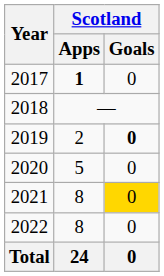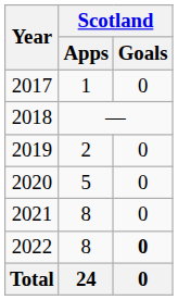 <table class="wikitable" style="text-align:center">
 <tr>
 <th rowspan=2>Year</th>
 <th colspan=2><a href='#'>Scotland</a></th>
 </tr>
 <tr>
 <th>Apps</th>
 <th>Goals</th>
 </tr>
 <tr>
 <td>2017</td>
-<td><strong>1</strong></td>
+<td>1</td>
 <td>0</td>
 </tr>
 <tr>
 <td>2018</td>
 <td colspan=2>—</td>
 </tr>
 <tr>
 <td>2019</td>
 <td>2</td>
-<td><strong>0</strong></td>
+<td>0</td>
 </tr>
 <tr>
 <td>2020</td>
 <td>5</td>
 <td>0</td>
 </tr>
 <tr>
 <td>2021</td>
 <td>8</td>
-<td style="background: gold;">0</td>
+<td>0</td>
 </tr>
 <tr>
 <td>2022</td>
 <td>8</td>
-<td>0</td>
+<td><strong>0</strong></td>
 </tr>
 <tr>
 <th>Total</th>
 <th>24</th>
 <th>0</th>
 </tr>
 </table>
